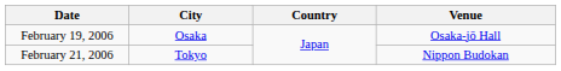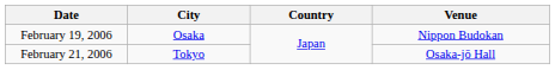 <table class="wikitable" style="text-align:center;">
 <tr>
 <th width="150">Date</th>
 <th width="150">City</th>
 <th width="150">Country</th>
 <th width="220">Venue</th>
 </tr>
 <tr>
 <td>February 19, 2006</td>
 <td><a href='#'>Osaka</a></td>
 <td rowspan="2"><a href='#'>Japan</a></td>
-<td><a href='#'>Osaka-jō Hall</a></td>
+<td><a href='#'>Nippon Budokan</a></td>
 </tr>
 <tr>
 <td>February 21, 2006</td>
 <td><a href='#'>Tokyo</a></td>
-<td><a href='#'>Nippon Budokan</a></td>
+<td><a href='#'>Osaka-jō Hall</a></td>
 </tr>
 </table>
